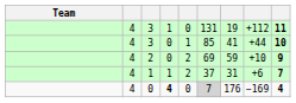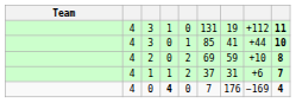 <table class="wikitable" style="text-align:center;">
 <tr>
 <th style="width:12em;">Team</th>
 <th style="width:1.5em;"></th>
 <th style="width:1.5em;"></th>
 <th style="width:1.5em;"></th>
 <th style="width:1.5em;"></th>
 <th style="width:2.0em;"></th>
 <th style="width:2.0em;"></th>
 <th style="width:2.0em;"></th>
 <th style="width:1.5em;"></th>
 </tr>
 <tr bgcolor=#cfc>
 <td style="text-align:left;"></td>
 <td>4</td>
 <td>3</td>
 <td>1</td>
 <td>0</td>
 <td>131</td>
 <td>19</td>
 <td>+112 </td>
 <td><strong>11</strong></td>
 </tr>
 <tr bgcolor=#cfc>
 <td style="text-align:left;"></td>
 <td>4</td>
 <td>3</td>
 <td>0</td>
 <td>1</td>
 <td>85</td>
 <td>41</td>
 <td>+44 </td>
 <td><strong>10</strong></td>
 </tr>
 <tr bgcolor=#cfc>
 <td style="text-align:left;"></td>
 <td>4</td>
 <td>2</td>
 <td>0</td>
 <td>2</td>
 <td>69</td>
 <td>59</td>
 <td>+10 </td>
-<td><strong>9</strong></td>
+<td><strong>8</strong></td>
 </tr>
 <tr bgcolor=#cfc>
 <td style="text-align:left;"></td>
 <td>4</td>
 <td>1</td>
 <td>1</td>
 <td>2</td>
 <td>37</td>
 <td>31</td>
 <td>+6 </td>
 <td><strong>7</strong></td>
 </tr>
 <tr>
 <td style="text-align:left;"></td>
 <td>4</td>
 <td>0</td>
 <td><strong>4</strong></td>
 <td>0</td>
-<td style="background: lightgrey;">7</td>
+<td>7</td>
 <td>176</td>
 <td>−169 </td>
 <td><strong>4</strong></td>
 </tr>
 </table>
